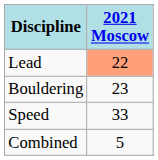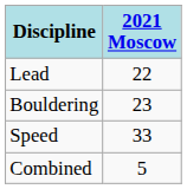 <table class="wikitable" style="text-align: center;">
 <tr>
 <th style="background: #b0e0e6;">Discipline</th>
 <th style="background: #b0e0e6;"><a href='#'>2021<br>Moscow</a></th>
 </tr>
 <tr>
 <td align="left">Lead</td>
-<td style="background: lightsalmon;">22</td>
+<td>22</td>
 </tr>
 <tr>
 <td align="left">Bouldering</td>
 <td>23</td>
 </tr>
 <tr>
 <td align="left">Speed</td>
 <td>33</td>
 </tr>
 <tr>
 <td align="left">Combined</td>
 <td>5</td>
 </tr>
 </table>
